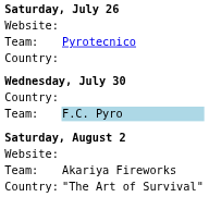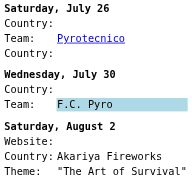 <table border="0">
 <tr>
 <td colspan="2"><strong>Saturday, July 26</strong></td>
 </tr>
 <tr>
-<td>Website:</td>
+<td>Country:</td>
 <td></td>
 </tr>
 <tr>
 <td>Team:</td>
 <td><a href='#'>Pyrotecnico</a></td>
 </tr>
 <tr>
 <td>Country:</td>
 <td></td>
 </tr>
 <tr>
 <td colspan="2"></td>
 </tr>
 <tr>
 <td></td>
 </tr>
 <tr>
 <td colspan="2"><strong>Wednesday, July 30</strong></td>
 </tr>
 <tr>
 <td>Country:</td>
 <td></td>
 </tr>
 <tr>
 <td>Team:</td>
 <td style="background: lightblue;">F.C. Pyro</td>
 </tr>
 <tr>
 <td colspan="2"></td>
 </tr>
 <tr>
 <td></td>
 </tr>
 <tr>
 <td colspan="2"><strong>Saturday, August 2</strong></td>
 </tr>
 <tr>
 <td>Website:</td>
 <td></td>
 </tr>
 <tr>
-<td>Team:</td>
+<td>Country:</td>
 <td>Akariya Fireworks</td>
 </tr>
 <tr>
-<td>Country:</td>
+<td>Theme:</td>
 <td>"The Art of Survival"</td>
 </tr>
 <tr>
 <td colspan="2"></td>
 </tr>
 </table>
